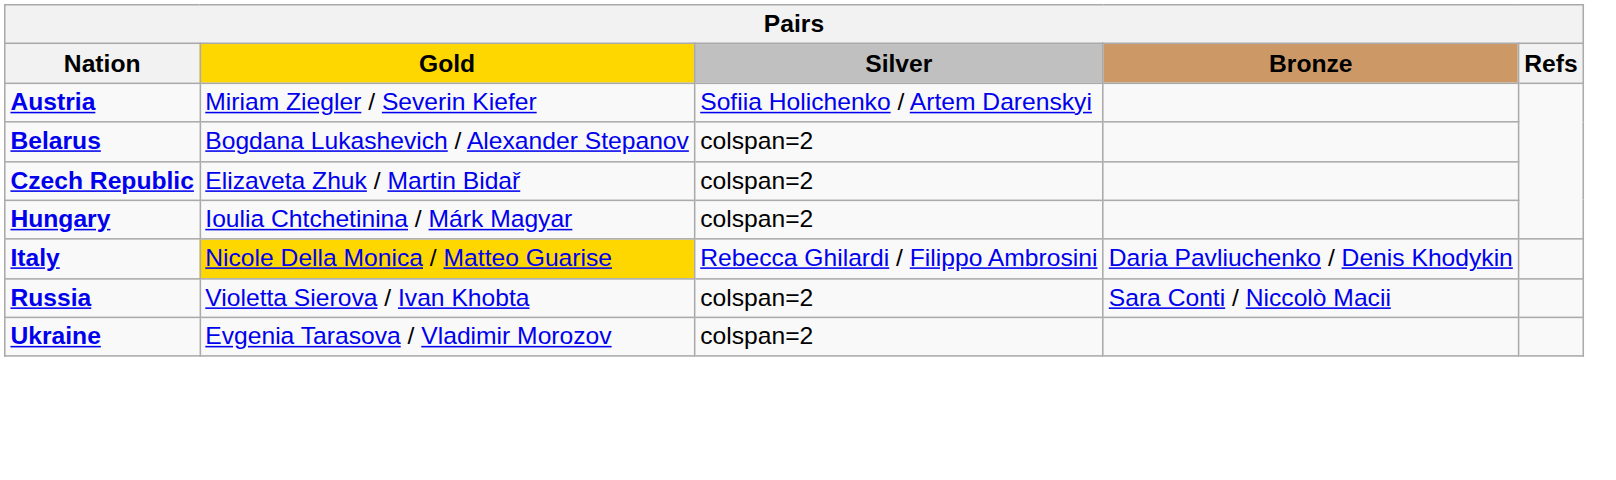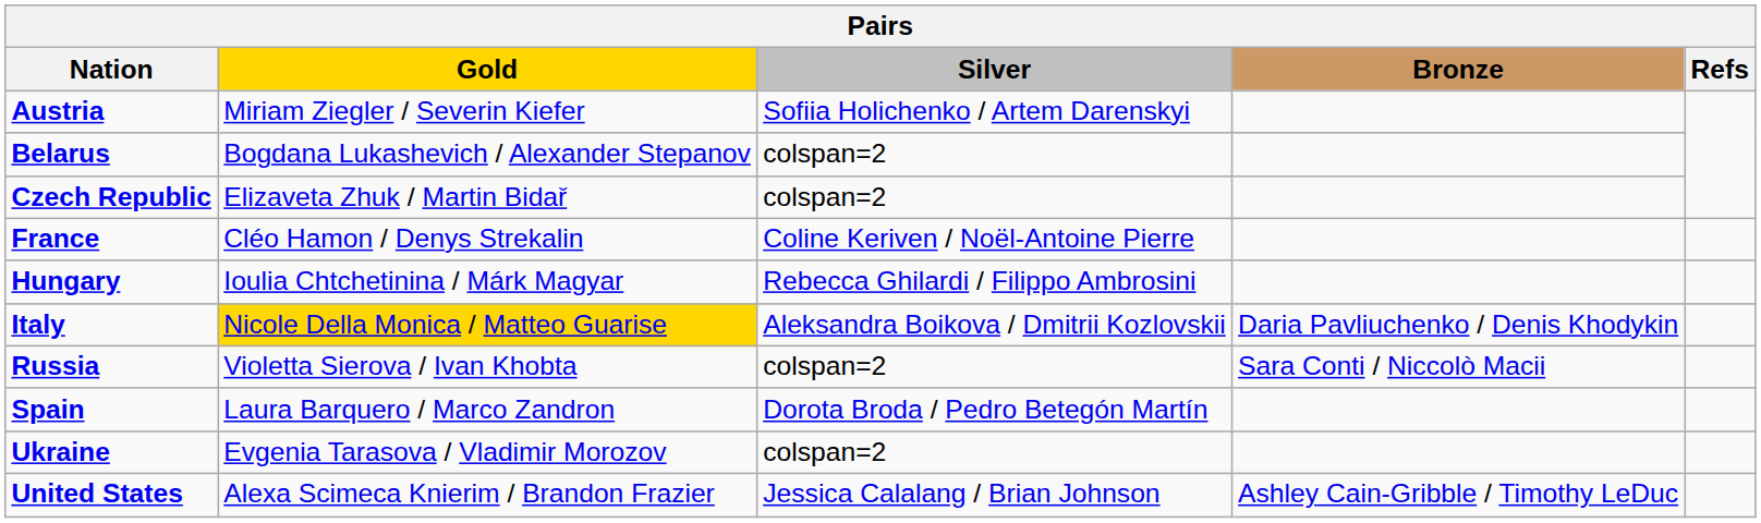 <table class="wikitable">
 <tr>
 <th colspan=5>Pairs</th>
 </tr>
 <tr>
 <th>Nation</th>
 <td style="text-align:center; background:gold;"><strong>Gold</strong></td>
 <td style="text-align:center; background:silver;"><strong>Silver</strong></td>
 <td style="text-align:center; background:#c96;"><strong>Bronze</strong></td>
 <th>Refs</th>
 </tr>
 <tr>
 <td><strong> <a href='#'>Austria</a></strong></td>
 <td><a href='#'>Miriam Ziegler</a> / <a href='#'>Severin Kiefer</a></td>
 <td><a href='#'>Sofiia Holichenko</a> / <a href='#'>Artem Darenskyi</a></td>
 <td></td>
 </tr>
 <tr>
 <td><strong> <a href='#'>Belarus</a></strong></td>
 <td><a href='#'>Bogdana Lukashevich</a> / <a href='#'>Alexander Stepanov</a></td>
 <td>colspan=2 </td>
 <td></td>
 </tr>
 <tr>
 <td><strong> <a href='#'>Czech Republic</a></strong></td>
 <td><a href='#'>Elizaveta Zhuk</a> / <a href='#'>Martin Bidař</a></td>
 <td>colspan=2 </td>
 <td></td>
 </tr>
 <tr>
+<td><strong> <a href='#'>France</a></strong></td>
+<td><a href='#'>Cléo Hamon</a> / <a href='#'>Denys Strekalin</a></td>
+<td><a href='#'>Coline Keriven</a> / <a href='#'>Noël-Antoine Pierre</a></td>
+<td></td>
+<td></td>
+</tr>
+<tr>
 <td><strong> <a href='#'>Hungary</a></strong></td>
 <td><a href='#'>Ioulia Chtchetinina</a> / <a href='#'>Márk Magyar</a></td>
-<td>colspan=2 </td>
+<td><a href='#'>Rebecca Ghilardi</a> / <a href='#'>Filippo Ambrosini</a></td>
 <td></td>
 </tr>
 <tr>
 <td><strong> <a href='#'>Italy</a></strong></td>
 <td style="background: gold;"><a href='#'>Nicole Della Monica</a> / <a href='#'>Matteo Guarise</a></td>
-<td><a href='#'>Rebecca Ghilardi</a> / <a href='#'>Filippo Ambrosini</a></td>
+<td><a href='#'>Aleksandra Boikova</a> / <a href='#'>Dmitrii Kozlovskii</a></td>
 <td><a href='#'>Daria Pavliuchenko</a> / <a href='#'>Denis Khodykin</a></td>
 <td></td>
 </tr>
 <tr>
 <td><strong> <a href='#'>Russia</a></strong></td>
 <td><a href='#'>Violetta Sierova</a> / <a href='#'>Ivan Khobta</a></td>
 <td>colspan=2 </td>
 <td><a href='#'>Sara Conti</a> / <a href='#'>Niccolò Macii</a></td>
 <td></td>
 </tr>
 <tr>
+<td><strong> <a href='#'>Spain</a></strong></td>
+<td><a href='#'>Laura Barquero</a> / <a href='#'>Marco Zandron</a></td>
+<td><a href='#'>Dorota Broda</a> / <a href='#'>Pedro Betegón Martín</a></td>
+<td></td>
+<td></td>
+</tr>
+<tr>
 <td><strong> <a href='#'>Ukraine</a></strong></td>
 <td><a href='#'>Evgenia Tarasova</a> / <a href='#'>Vladimir Morozov</a></td>
 <td>colspan=2 </td>
 <td></td>
 <td></td>
 </tr>
+<tr>
+<td><strong> <a href='#'>United States</a></strong></td>
+<td><a href='#'>Alexa Scimeca Knierim</a> / <a href='#'>Brandon Frazier</a></td>
+<td><a href='#'>Jessica Calalang</a> / <a href='#'>Brian Johnson</a></td>
+<td><a href='#'>Ashley Cain-Gribble</a> / <a href='#'>Timothy LeDuc</a></td>
+<td></td>
+</tr>
 </table>
